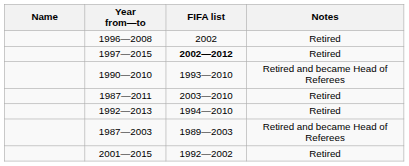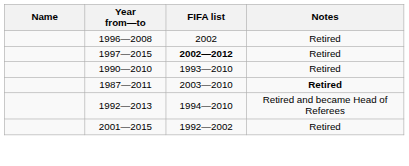 <table class="wikitable sortable" border="1" style="text-align:center">
 <tr>
 <th style="width:125px">Name</th>
 <th style="width:125px">Year<br>from—to</th>
 <th style="width:125px">FIFA list</th>
 <th style="width:250px">Notes</th>
 </tr>
 <tr>
 <td></td>
 <td>1996—2008</td>
 <td>2002</td>
 <td>Retired</td>
 </tr>
 <tr>
 <td></td>
 <td>1997—2015</td>
 <td><strong>2002—2012</strong></td>
 <td>Retired</td>
 </tr>
 <tr>
 <td></td>
 <td>1990—2010</td>
 <td>1993—2010</td>
-<td>Retired and became Head of Referees</td>
+<td>Retired</td>
 </tr>
 <tr>
 <td></td>
 <td>1987—2011</td>
 <td>2003—2010</td>
-<td>Retired</td>
+<td><strong>Retired</strong></td>
 </tr>
 <tr>
 <td></td>
 <td>1992—2013</td>
 <td>1994—2010</td>
-<td>Retired</td>
-</tr>
-<tr>
-<td></td>
-<td>1987—2003</td>
-<td>1989—2003</td>
 <td>Retired and became Head of Referees</td>
 </tr>
 <tr>
 <td></td>
 <td>2001—2015</td>
 <td>1992—2002</td>
 <td>Retired</td>
 </tr>
 </table>
